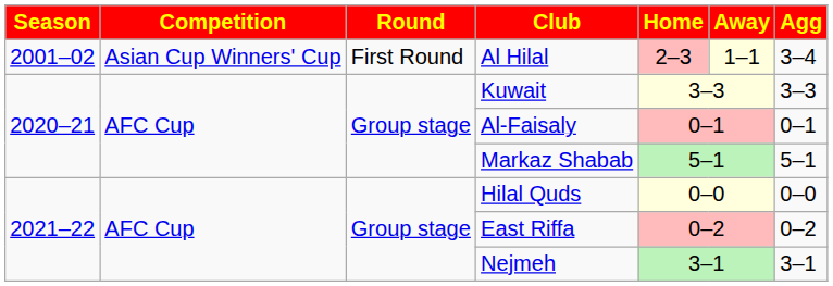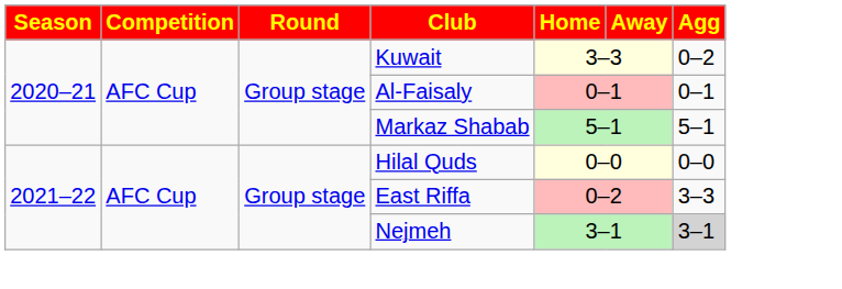 <table class="wikitable">
 <tr>
 <th style="color:#FFFF00; background: #FF0000;">Season</th>
 <th style="color:#FFFF00; background: #FF0000;">Competition</th>
 <th style="color:#FFFF00; background: #FF0000;">Round</th>
 <th style="color:#FFFF00; background:#FF0000;">Club</th>
 <th style="color:#FFFF00; background:#FF0000;">Home</th>
 <th style="color:#FFFF00; background:#FF0000;">Away</th>
 <th style="color:#FFFF00; background:#FF0000;">Agg</th>
 </tr>
 <tr>
-<td><a href='#'>2001–02</a></td>
-<td><a href='#'>Asian Cup Winners' Cup</a></td>
-<td>First Round</td>
-<td> <a href='#'>Al Hilal</a></td>
-<td align="center" colspan="1" style="background: #FFBBBB;">2–3</td>
-<td align="center" style="background: #ffd;">1–1</td>
-<td>3–4</td>
-</tr>
-<tr>
 <td rowspan=3><a href='#'>2020–21</a></td>
 <td rowspan=3><a href='#'>AFC Cup</a></td>
 <td rowspan=3><a href='#'>Group stage</a></td>
 <td> <a href='#'>Kuwait</a></td>
 <td align="center" colspan="2" style="background: #ffd;">3–3</td>
-<td>3–3</td>
+<td>0–2</td>
 </tr>
 <tr>
 <td> <a href='#'>Al-Faisaly</a></td>
 <td align="center" colspan="2"  style="background: #FFBBBB;">0–1</td>
 <td>0–1</td>
 </tr>
 <tr>
 <td> <a href='#'>Markaz Shabab</a></td>
 <td align="center" colspan="2" style="background: #BBF3BB">5–1</td>
 <td>5–1</td>
 </tr>
 <tr>
 <td rowspan=3><a href='#'>2021–22</a></td>
 <td rowspan=3><a href='#'>AFC Cup</a></td>
 <td rowspan=3><a href='#'>Group stage</a></td>
 <td> <a href='#'>Hilal Quds</a></td>
 <td align="center" colspan="2" style="background: #ffd;">0–0</td>
 <td>0–0</td>
 </tr>
 <tr>
 <td> <a href='#'>East Riffa</a></td>
 <td align="center" colspan="2"  style="background: #FFBBBB;">0–2</td>
-<td>0–2</td>
+<td>3–3</td>
 </tr>
 <tr>
 <td> <a href='#'>Nejmeh</a></td>
 <td align="center" colspan="2" style="background: #BBF3BB">3–1</td>
-<td>3–1</td>
+<td style="background: lightgrey;">3–1</td>
 </tr>
 </table>
